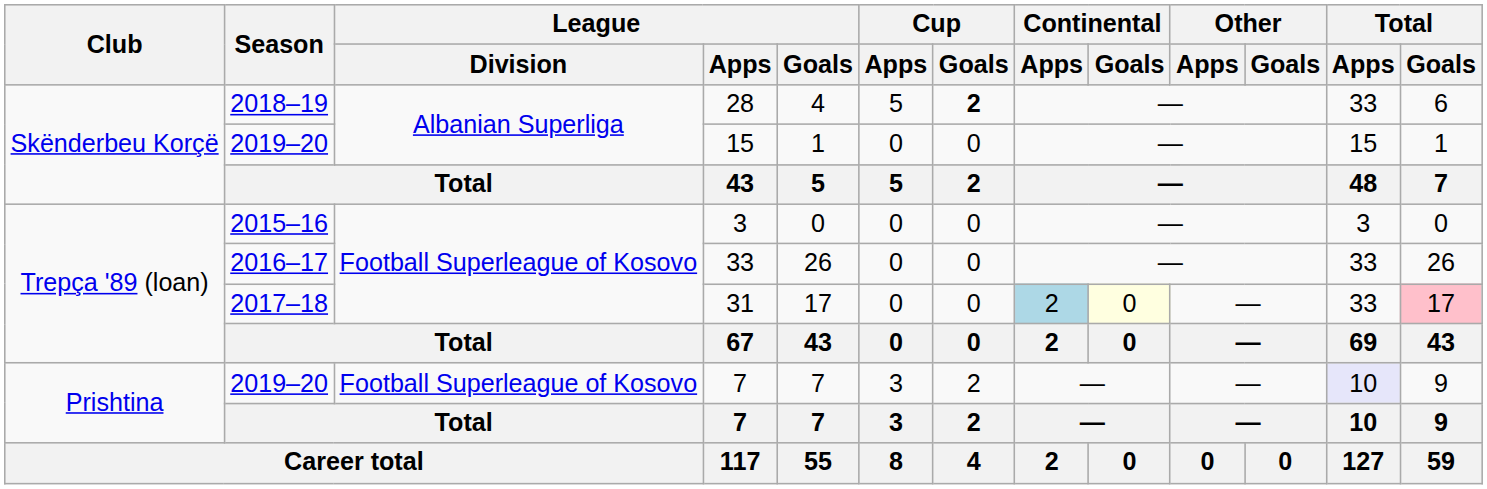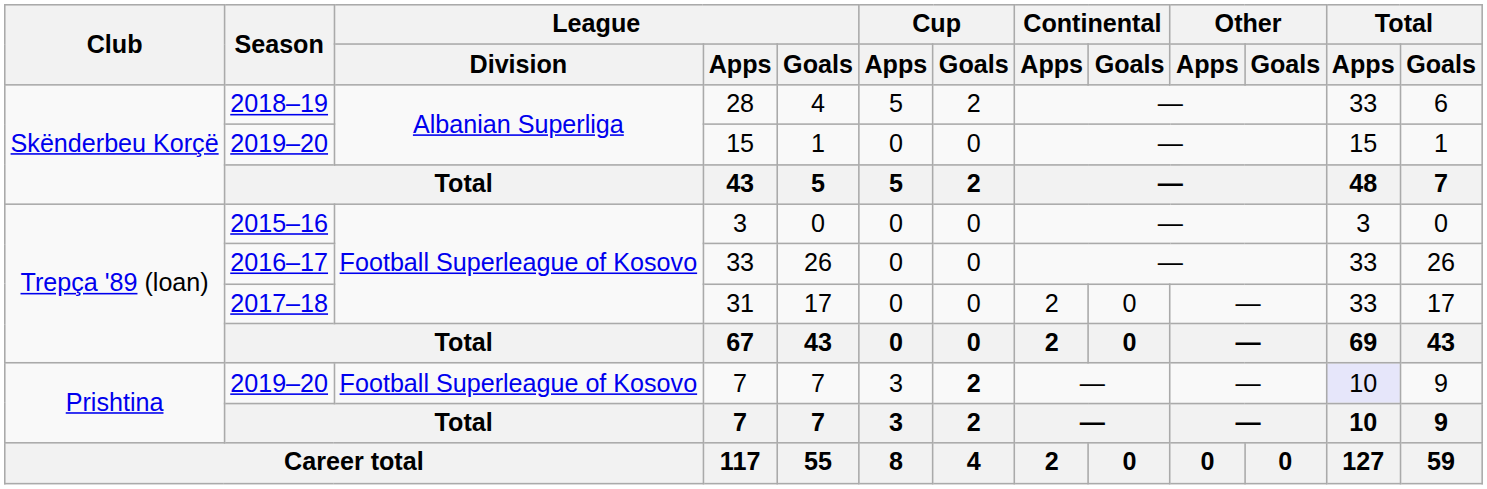 <table class="wikitable" style="text-align:center">
 <tr>
 <th rowspan="2">Club</th>
 <th rowspan="2">Season</th>
 <th colspan="3">League</th>
 <th colspan="2">Cup</th>
 <th colspan="2">Continental</th>
 <th colspan="2">Other</th>
 <th colspan="2">Total</th>
 </tr>
 <tr>
 <th>Division</th>
 <th>Apps</th>
 <th>Goals</th>
 <th>Apps</th>
 <th>Goals</th>
 <th>Apps</th>
 <th>Goals</th>
 <th>Apps</th>
 <th>Goals</th>
 <th>Apps</th>
 <th>Goals</th>
 </tr>
 <tr>
 <td rowspan="3" valign="center"><a href='#'>Skënderbeu Korçë</a></td>
 <td><a href='#'>2018–19</a></td>
 <td rowspan="2"><a href='#'>Albanian Superliga</a></td>
 <td>28</td>
 <td>4</td>
 <td>5</td>
-<td><strong>2</strong></td>
+<td>2</td>
 <td colspan="4">—</td>
 <td>33</td>
 <td>6</td>
 </tr>
 <tr>
 <td><a href='#'>2019–20</a></td>
 <td>15</td>
 <td>1</td>
 <td>0</td>
 <td>0</td>
 <td colspan="4">—</td>
 <td>15</td>
 <td>1</td>
 </tr>
 <tr>
 <th colspan="2">Total</th>
 <th>43</th>
 <th>5</th>
 <th>5</th>
 <th>2</th>
 <th colspan="4">—</th>
 <th>48</th>
 <th>7</th>
 </tr>
 <tr>
 <td rowspan="4" valign="center"><a href='#'>Trepça '89</a> (loan)</td>
 <td><a href='#'>2015–16</a></td>
 <td rowspan="3"><a href='#'>Football Superleague of Kosovo</a></td>
 <td>3</td>
 <td>0</td>
 <td>0</td>
 <td>0</td>
 <td colspan="4">—</td>
 <td>3</td>
 <td>0</td>
 </tr>
 <tr>
 <td><a href='#'>2016–17</a></td>
 <td>33</td>
 <td>26</td>
 <td>0</td>
 <td>0</td>
 <td colspan="4">—</td>
 <td>33</td>
 <td>26</td>
 </tr>
 <tr>
 <td><a href='#'>2017–18</a></td>
 <td>31</td>
 <td>17</td>
 <td>0</td>
 <td>0</td>
-<td style="background: lightblue;">2</td>
-<td style="background: lightyellow;">0</td>
+<td>2</td>
+<td>0</td>
 <td colspan="2">—</td>
 <td>33</td>
-<td style="background: pink;">17</td>
+<td>17</td>
 </tr>
 <tr>
 <th colspan="2">Total</th>
 <th>67</th>
 <th>43</th>
 <th>0</th>
 <th>0</th>
 <th>2</th>
 <th>0</th>
 <th colspan="2">—</th>
 <th>69</th>
 <th>43</th>
 </tr>
 <tr>
 <td rowspan="2" valign="center"><a href='#'>Prishtina</a></td>
 <td><a href='#'>2019–20</a></td>
 <td><a href='#'>Football Superleague of Kosovo</a></td>
 <td>7</td>
 <td>7</td>
 <td>3</td>
-<td>2</td>
+<td><strong>2</strong></td>
 <td colspan="2">—</td>
 <td colspan="2">—</td>
 <td style="background: lavender;">10</td>
 <td>9</td>
 </tr>
 <tr>
 <th colspan="2">Total</th>
 <th>7</th>
 <th>7</th>
 <th>3</th>
 <th>2</th>
 <th colspan="2">—</th>
 <th colspan="2">—</th>
 <th>10</th>
 <th>9</th>
 </tr>
 <tr>
 <th colspan="3">Career total</th>
 <th>117</th>
 <th>55</th>
 <th>8</th>
 <th>4</th>
 <th>2</th>
 <th>0</th>
 <th>0</th>
 <th>0</th>
 <th>127</th>
 <th>59</th>
 </tr>
 </table>
